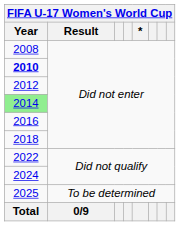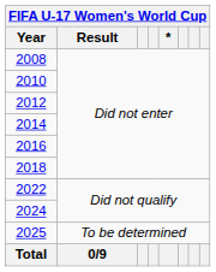 <table class="wikitable" style="text-align: center;">
 <tr>
 <th colspan=9><a href='#'>FIFA U-17 Women's World Cup</a></th>
 </tr>
 <tr>
 <th>Year</th>
 <th>Result</th>
 <th></th>
 <th></th>
 <th> *</th>
 <th></th>
 <th></th>
 <th></th>
 </tr>
 <tr>
 <td> <a href='#'>2008</a></td>
 <td rowspan=6 colspan=8><em>Did not enter</em></td>
 </tr>
 <tr>
-<td><strong> <a href='#'>2010</a></strong></td>
+<td> <a href='#'>2010</a></td>
 </tr>
 <tr>
 <td> <a href='#'>2012</a></td>
 </tr>
 <tr>
-<td style="background: lightgreen;"> <a href='#'>2014</a></td>
+<td> <a href='#'>2014</a></td>
 </tr>
 <tr>
 <td> <a href='#'>2016</a></td>
 </tr>
 <tr>
 <td> <a href='#'>2018</a></td>
 </tr>
 <tr>
 <td> <a href='#'>2022</a></td>
 <td rowspan=2 colspan=7><em>Did not qualify</em></td>
 </tr>
 <tr>
 <td> <a href='#'>2024</a></td>
 </tr>
 <tr>
 <td> <a href='#'>2025</a></td>
 <td colspan=7><em>To be determined</em></td>
 </tr>
 <tr>
 <th>Total</th>
 <th>0/9</th>
 <th></th>
 <th></th>
 <th></th>
 <th></th>
 <th></th>
 <th></th>
 </tr>
 </table>
